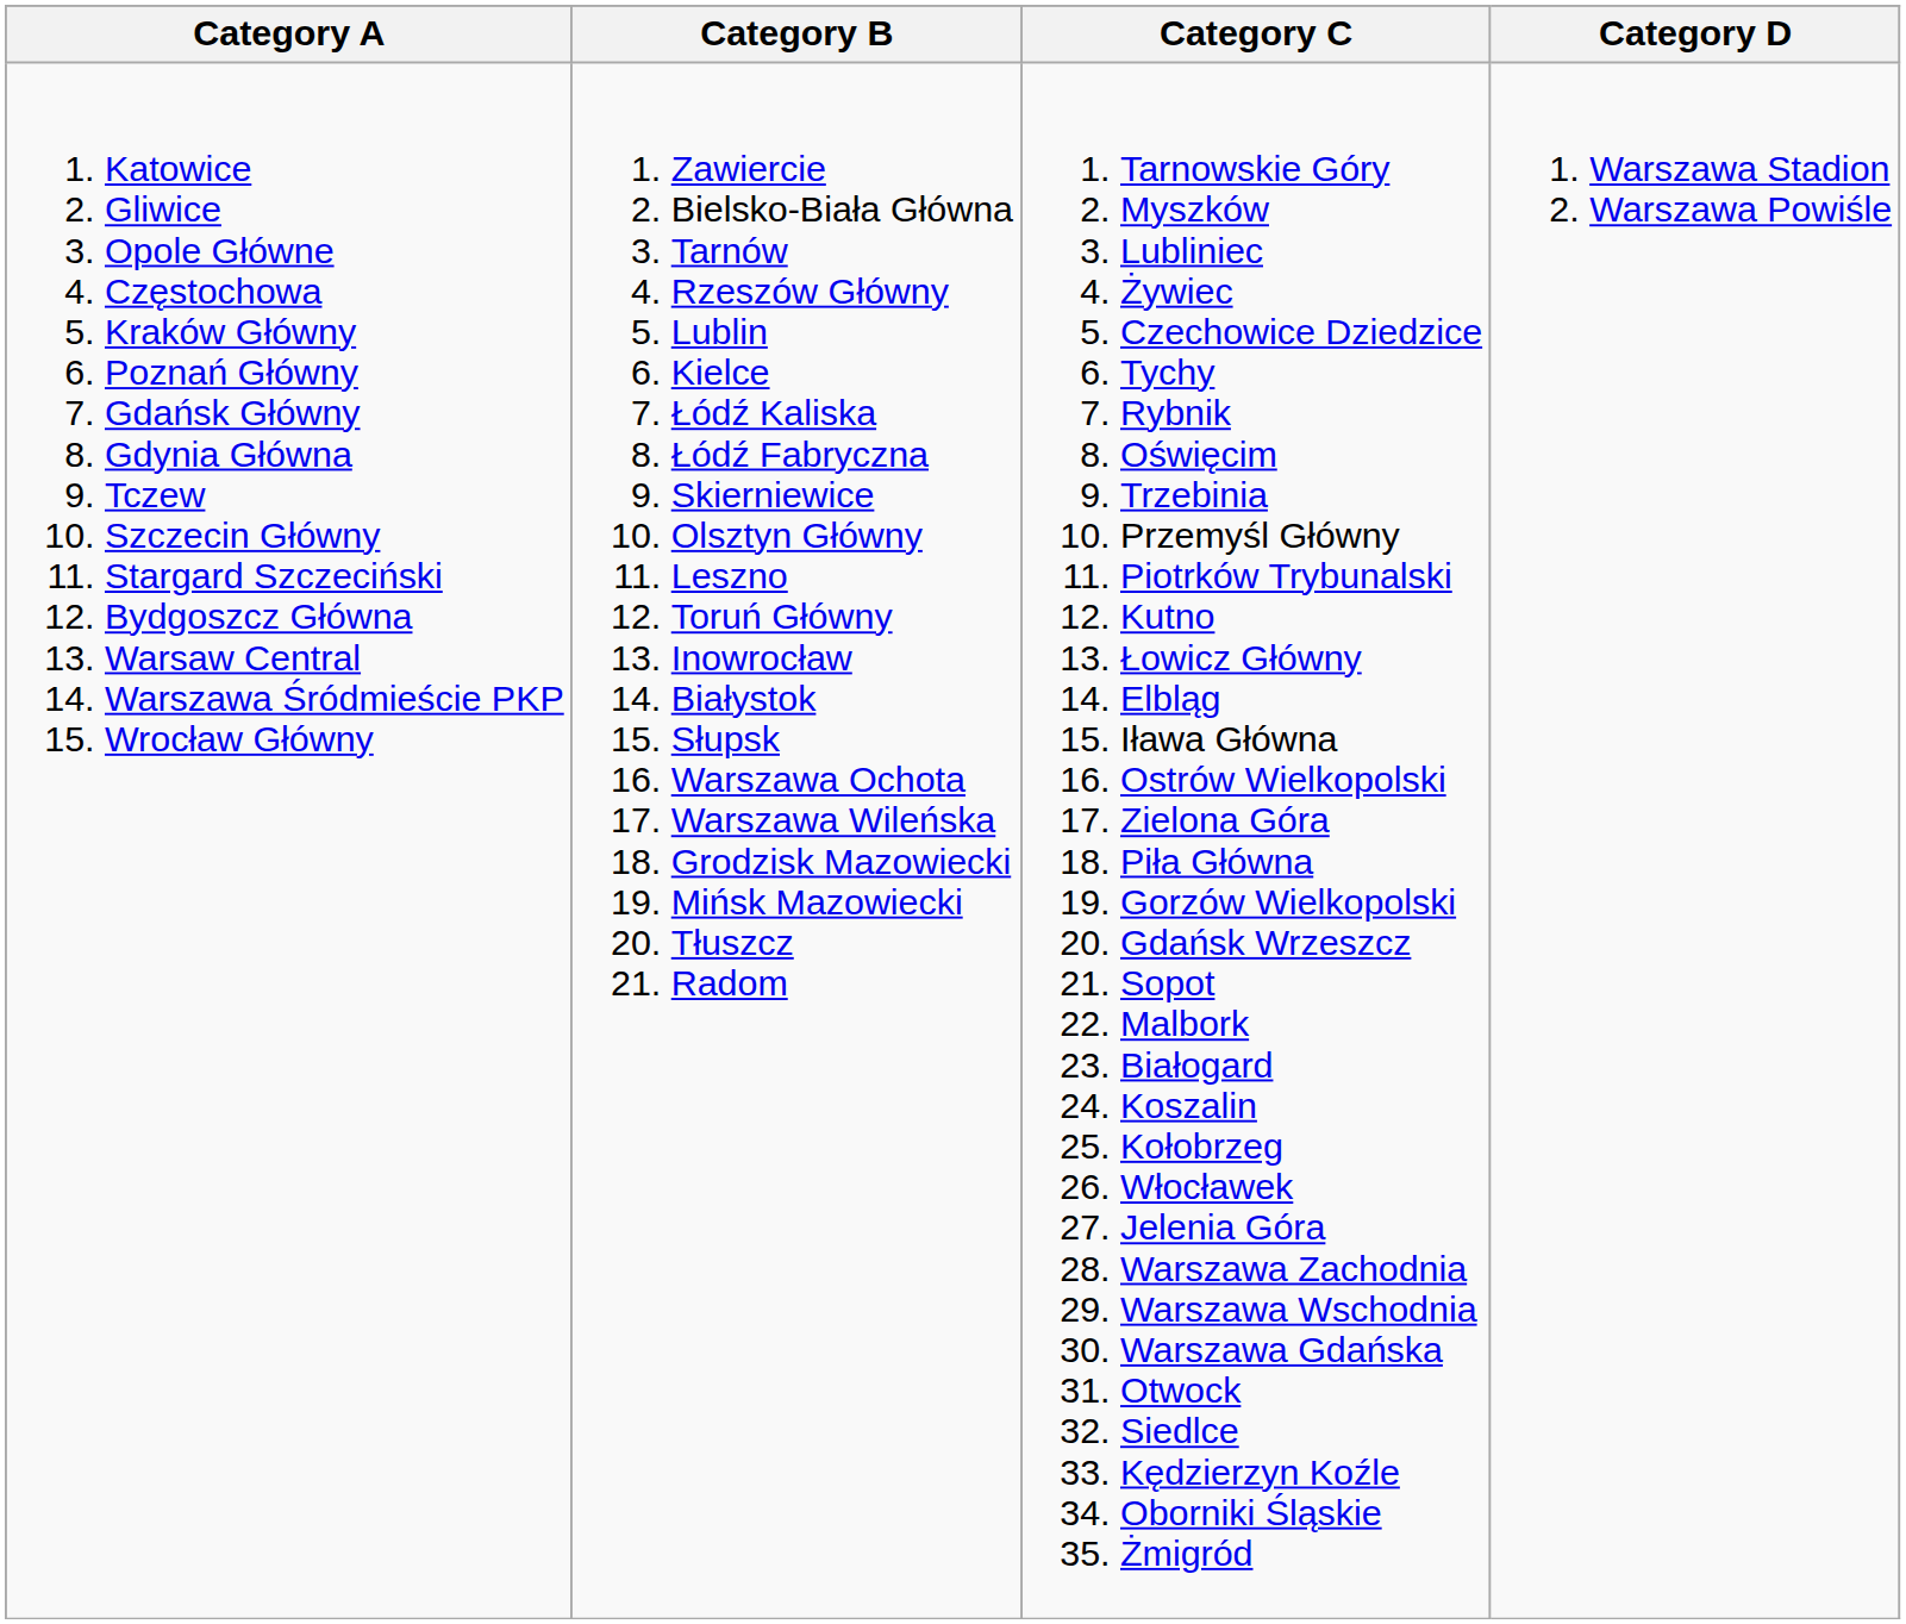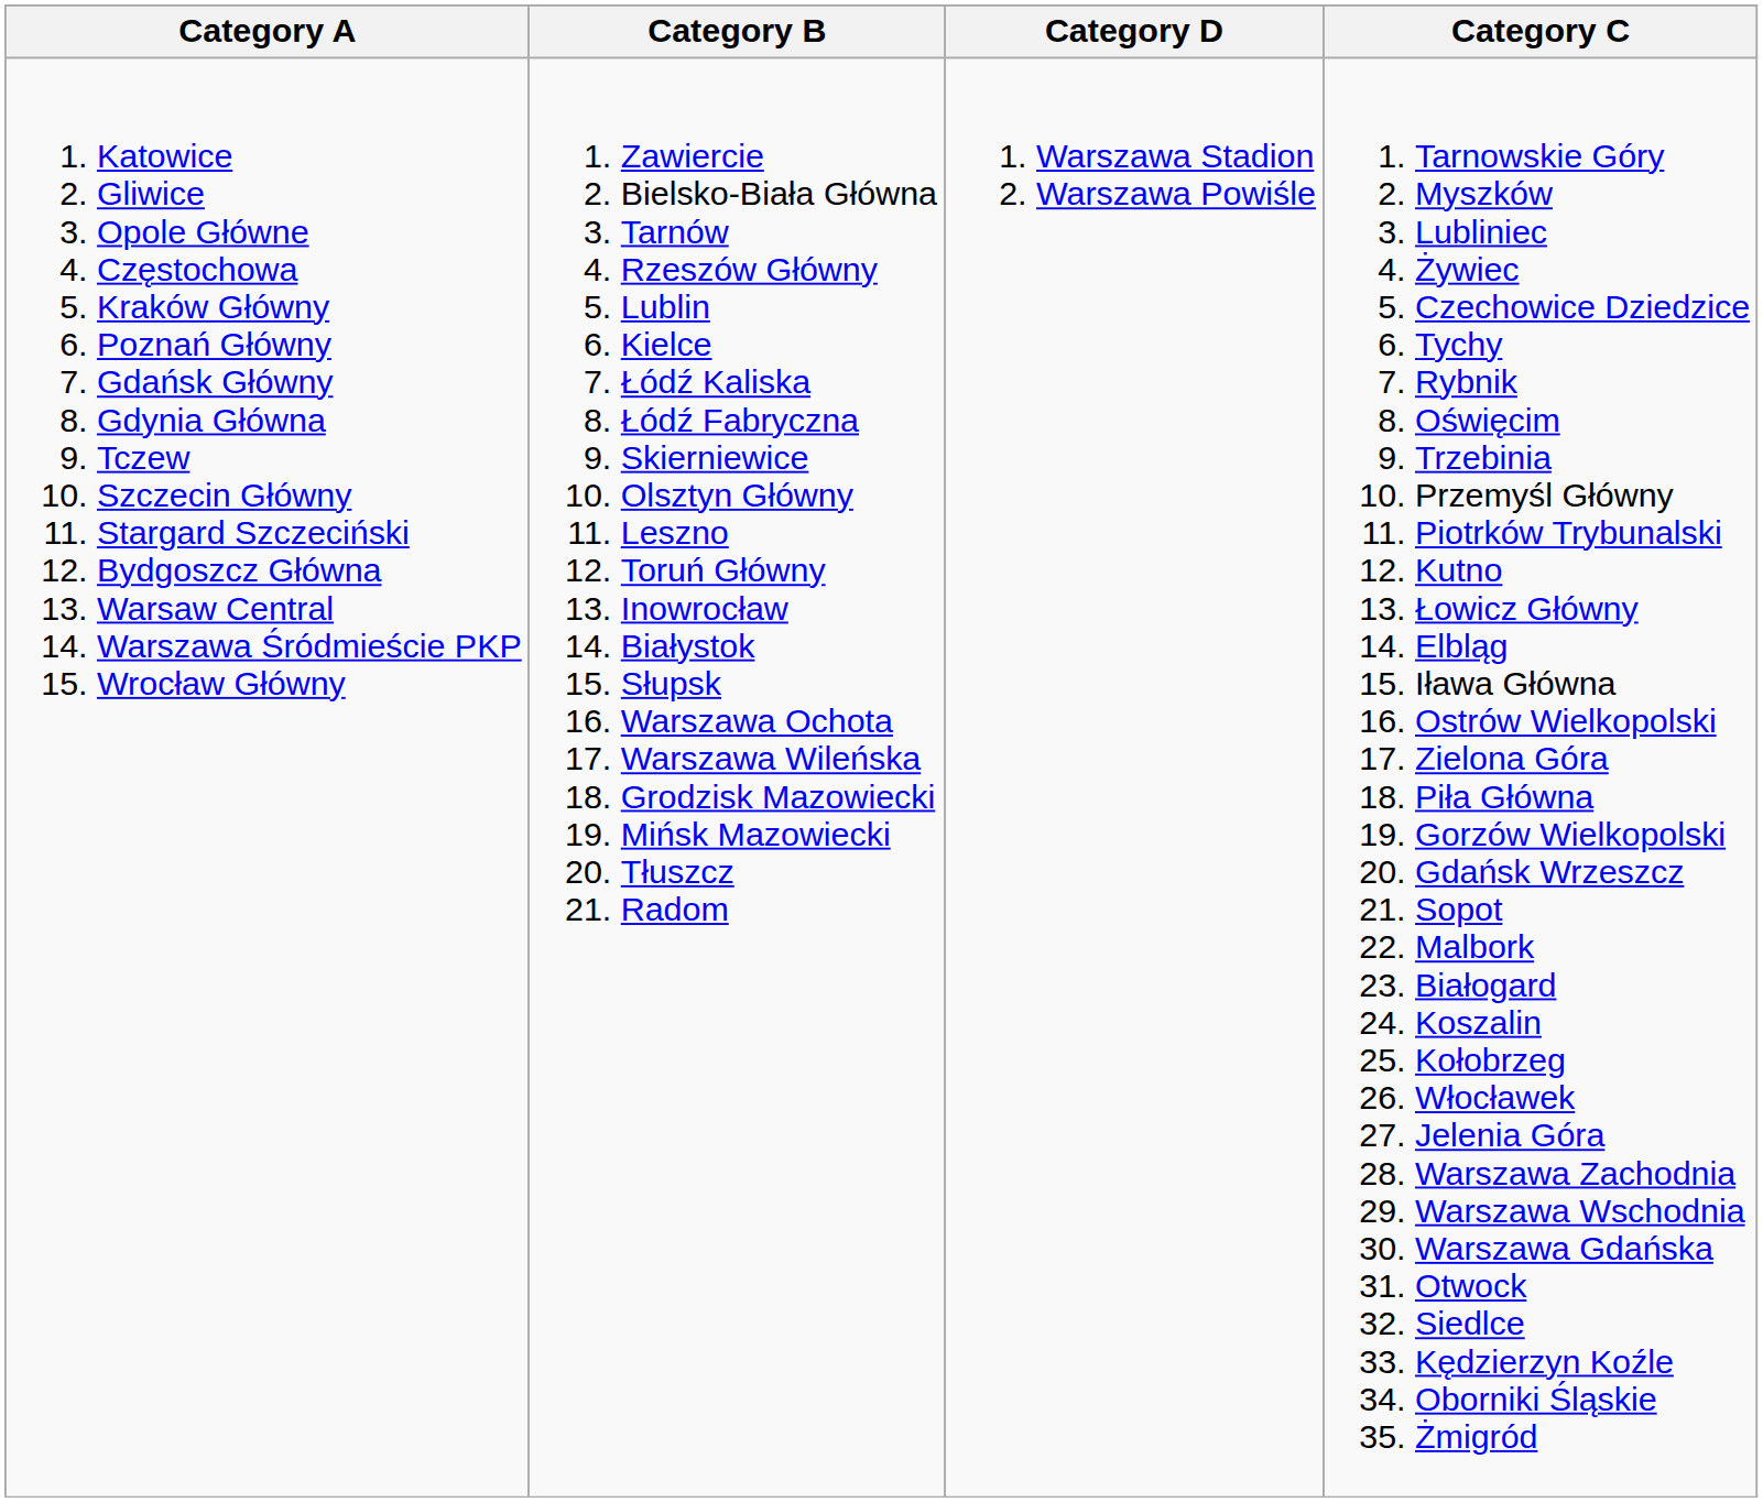 <table class="wikitable" style="valign:top;text-align:left; border: 1px black solid;" rules=all cellspacing=0 cellpadding=3>
 <tr>
 <th>Category A</th>
 <th>Category B</th>
+<th>Category D</th>
 <th>Category C</th>
-<th>Category D</th>
 </tr>
 <tr>
 <td valign=top><br><ol><li><a href='#'>Katowice</a></li><li><a href='#'>Gliwice</a></li><li><a href='#'>Opole Główne</a></li><li><a href='#'>Częstochowa</a></li><li><a href='#'>Kraków Główny</a></li><li><a href='#'>Poznań Główny</a></li><li><a href='#'>Gdańsk Główny</a></li><li><a href='#'>Gdynia Główna</a></li><li><a href='#'>Tczew</a></li><li><a href='#'>Szczecin Główny</a></li><li><a href='#'>Stargard Szczeciński</a></li><li><a href='#'>Bydgoszcz Główna</a></li><li><a href='#'>Warsaw Central</a></li><li><a href='#'>Warszawa Śródmieście PKP</a></li><li><a href='#'>Wrocław Główny</a></li></ol></td>
 <td valign=top><br><ol><li><a href='#'>Zawiercie</a></li><li>Bielsko-Biała Główna</li><li><a href='#'>Tarnów</a></li><li><a href='#'>Rzeszów Główny</a></li><li><a href='#'>Lublin</a></li><li><a href='#'>Kielce</a></li><li><a href='#'>Łódź Kaliska</a></li><li><a href='#'>Łódź Fabryczna</a></li><li><a href='#'>Skierniewice</a></li><li><a href='#'>Olsztyn Główny</a></li><li><a href='#'>Leszno</a></li><li><a href='#'>Toruń Główny</a></li><li><a href='#'>Inowrocław</a></li><li><a href='#'>Białystok</a></li><li><a href='#'>Słupsk</a></li><li><a href='#'>Warszawa Ochota</a></li><li><a href='#'>Warszawa Wileńska</a></li><li><a href='#'>Grodzisk Mazowiecki</a></li><li><a href='#'>Mińsk Mazowiecki</a></li><li><a href='#'>Tłuszcz</a></li><li><a href='#'>Radom</a></li></ol></td>
+<td valign=top><br><ol><li><a href='#'>Warszawa Stadion</a></li><li><a href='#'>Warszawa Powiśle</a></li></ol></td>
 <td valign=top><br><ol><li><a href='#'>Tarnowskie Góry</a></li><li><a href='#'>Myszków</a></li><li><a href='#'>Lubliniec</a></li><li><a href='#'>Żywiec</a></li><li><a href='#'>Czechowice Dziedzice</a></li><li><a href='#'>Tychy</a></li><li><a href='#'>Rybnik</a></li><li><a href='#'>Oświęcim</a></li><li><a href='#'>Trzebinia</a></li><li>Przemyśl Główny</li><li><a href='#'>Piotrków Trybunalski</a></li><li><a href='#'>Kutno</a></li><li><a href='#'>Łowicz Główny</a></li><li><a href='#'>Elbląg</a></li><li>Iława Główna</li><li><a href='#'>Ostrów Wielkopolski</a></li><li><a href='#'>Zielona Góra</a></li><li><a href='#'>Piła Główna</a></li><li><a href='#'>Gorzów Wielkopolski</a></li><li><a href='#'>Gdańsk Wrzeszcz</a></li><li><a href='#'>Sopot</a></li><li><a href='#'>Malbork</a></li><li><a href='#'>Białogard</a></li><li><a href='#'>Koszalin</a></li><li><a href='#'>Kołobrzeg</a></li><li><a href='#'>Włocławek</a></li><li><a href='#'>Jelenia Góra</a></li><li><a href='#'>Warszawa Zachodnia</a></li><li><a href='#'>Warszawa Wschodnia</a></li><li><a href='#'>Warszawa Gdańska</a></li><li><a href='#'>Otwock</a></li><li><a href='#'>Siedlce</a></li><li><a href='#'>Kędzierzyn Koźle</a></li><li><a href='#'>Oborniki Śląskie</a></li><li><a href='#'>Żmigród</a></li></ol></td>
-<td valign=top><br><ol><li><a href='#'>Warszawa Stadion</a></li><li><a href='#'>Warszawa Powiśle</a></li></ol></td>
 </tr>
 </table>
